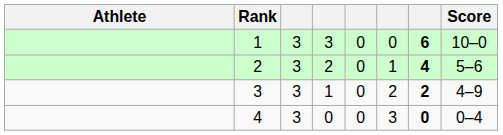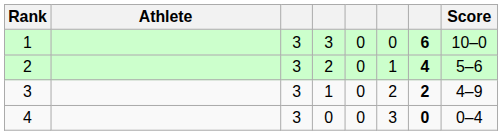 <table class="wikitable" style="text-align: center;">
 <tr>
+<th width=25>Rank</th>
 <th width=225>Athlete</th>
-<th width=25>Rank</th>
 <th width=25></th>
 <th width=25></th>
 <th width=25></th>
 <th width=25></th>
 <th width=25></th>
 <th width=50>Score</th>
 </tr>
 <tr bgcolor=ccffcc>
+<td>1</td>
 <td align=left></td>
-<td>1</td>
 <td>3</td>
 <td>3</td>
 <td>0</td>
 <td>0</td>
 <td><strong>6</strong></td>
 <td>10–0</td>
 </tr>
 <tr bgcolor=ccffcc>
+<td>2</td>
 <td align=left></td>
-<td>2</td>
 <td>3</td>
 <td>2</td>
 <td>0</td>
 <td>1</td>
 <td><strong>4</strong></td>
 <td>5–6</td>
 </tr>
 <tr>
+<td>3</td>
 <td align=left></td>
-<td>3</td>
 <td>3</td>
 <td>1</td>
 <td>0</td>
 <td>2</td>
 <td><strong>2</strong></td>
 <td>4–9</td>
 </tr>
 <tr>
+<td>4</td>
 <td align=left></td>
-<td>4</td>
 <td>3</td>
 <td>0</td>
 <td>0</td>
 <td>3</td>
 <td><strong>0</strong></td>
 <td>0–4</td>
 </tr>
 </table>
